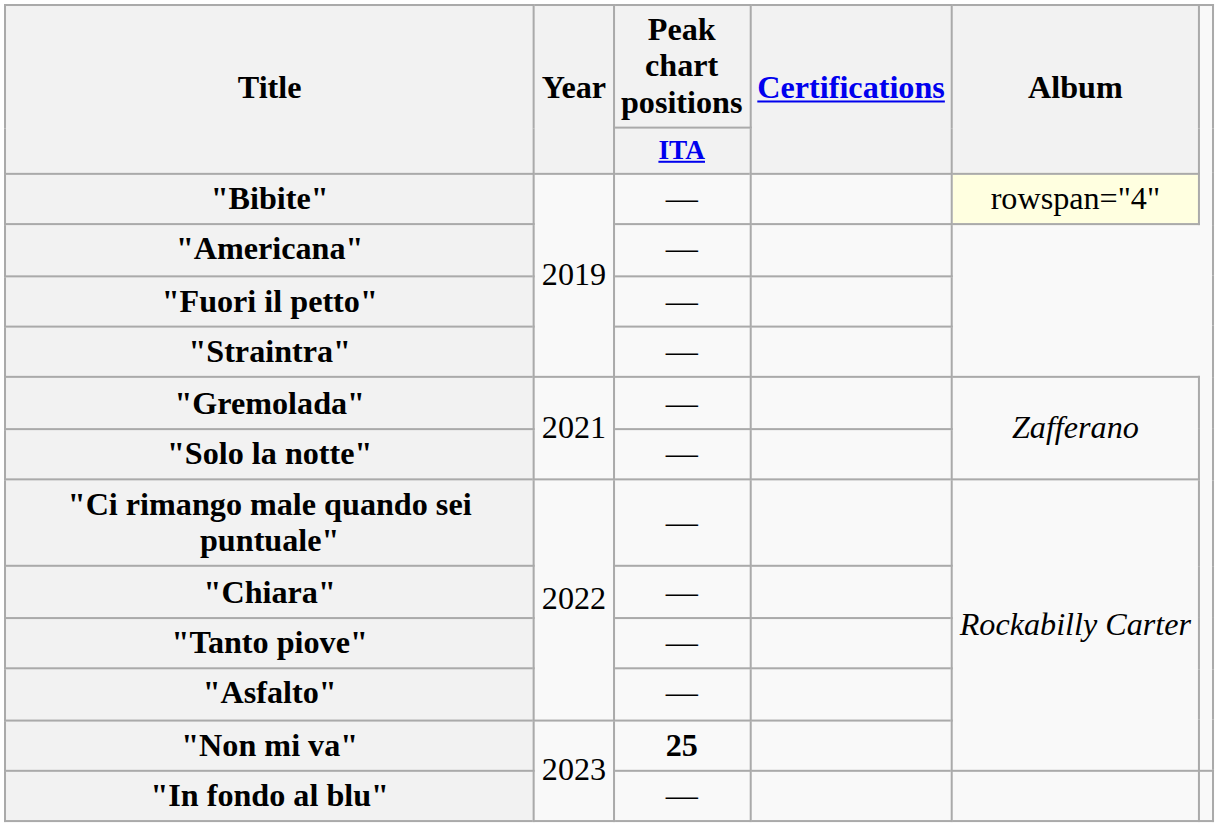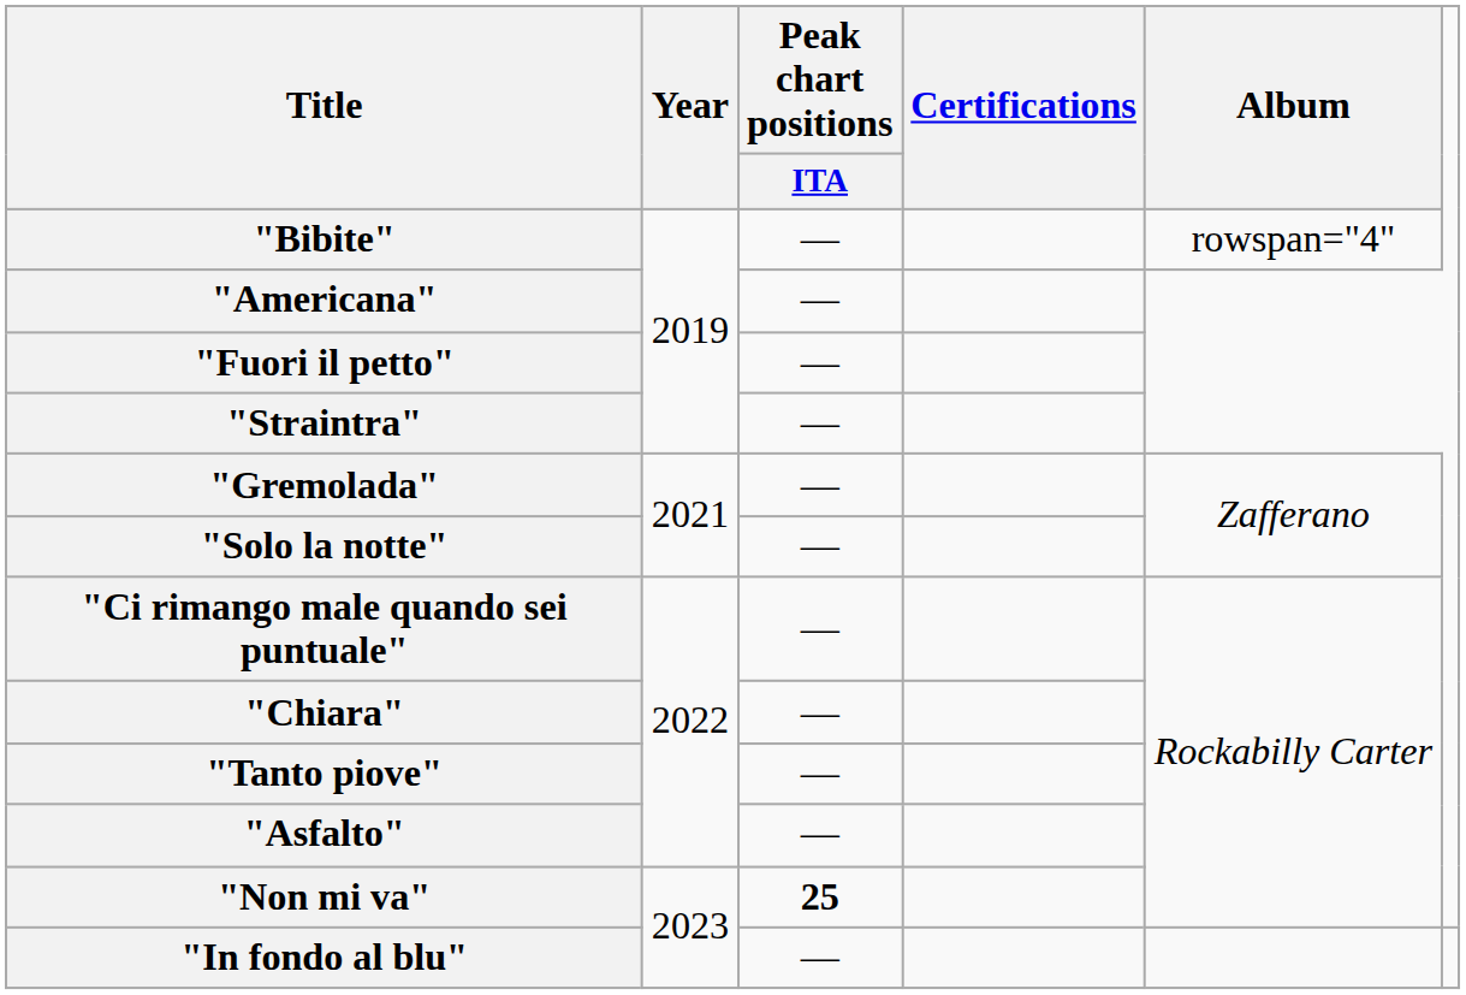 <table class="wikitable plainrowheaders" style="text-align:center;">
 <tr>
 <th rowspan="2" scope="col" style="width:16em;">Title</th>
 <th rowspan="2" scope="col" style="width:1em;">Year</th>
 <th scope="col">Peak chart positions</th>
 <th rowspan="2" scope="col"><a href='#'>Certifications</a></th>
 <th rowspan="2">Album</th>
 </tr>
 <tr>
 <th scope="col" style="width:3em;font-size:85%;"><a href='#'>ITA</a><br></th>
 </tr>
 <tr>
 <th scope="row">"Bibite"</th>
 <td rowspan="4">2019</td>
 <td>—</td>
 <td></td>
-<td style="background: lightyellow;">rowspan="4" </td>
+<td>rowspan="4" </td>
 </tr>
 <tr>
 <th scope="row">"Americana"</th>
 <td>—</td>
 <td></td>
 </tr>
 <tr>
 <th scope="row">"Fuori il petto"</th>
 <td>—</td>
 <td></td>
 </tr>
 <tr>
 <th scope="row">"Straintra"</th>
 <td>—</td>
 <td></td>
 </tr>
 <tr>
 <th scope="row">"Gremolada"</th>
 <td rowspan="2">2021</td>
 <td>—</td>
 <td></td>
 <td rowspan="2"><em>Zafferano</em></td>
 </tr>
 <tr>
 <th scope="row">"Solo la notte"</th>
 <td>—</td>
 <td></td>
 </tr>
 <tr>
 <th scope="row">"Ci rimango male quando sei puntuale"</th>
 <td rowspan="4">2022</td>
 <td>—</td>
 <td></td>
 <td rowspan="5"><em>Rockabilly Carter</em></td>
 </tr>
 <tr>
 <th scope="row">"Chiara"<br></th>
 <td>—</td>
 <td></td>
 </tr>
 <tr>
 <th scope="row">"Tanto piove"</th>
 <td>—</td>
 <td></td>
 </tr>
 <tr>
 <th scope="row">"Asfalto"</th>
 <td>—</td>
 <td></td>
 </tr>
 <tr>
 <th scope="row">"Non mi va"</th>
 <td rowspan="2">2023</td>
 <td><strong>25</strong></td>
 <td></td>
 </tr>
 <tr>
 <th scope="row">"In fondo al blu"</th>
 <td>—</td>
 <td></td>
 <td></td>
 <td></td>
 </tr>
 </table>
